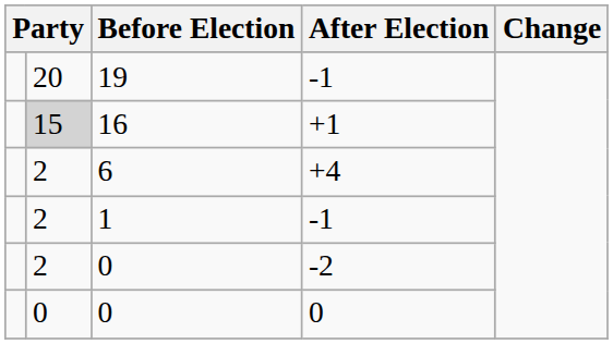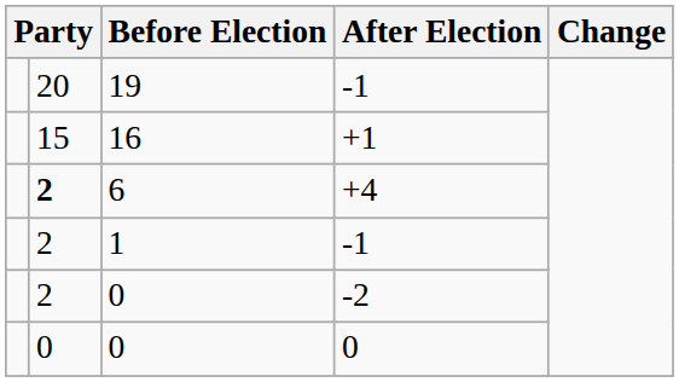 <table class="wikitable">
 <tr>
 <th colspan=2>Party</th>
 <th>Before Election</th>
 <th>After Election</th>
 <th>Change</th>
 </tr>
 <tr>
 <td></td>
 <td>20</td>
 <td>19</td>
 <td>-1</td>
 </tr>
 <tr>
 <td></td>
-<td style="background: lightgrey;">15</td>
+<td>15</td>
 <td>16</td>
 <td>+1</td>
 </tr>
 <tr>
 <td></td>
-<td>2</td>
+<td><strong>2</strong></td>
 <td>6</td>
 <td>+4</td>
 </tr>
 <tr>
 <td></td>
 <td>2</td>
 <td>1</td>
 <td>-1</td>
 </tr>
 <tr>
 <td></td>
 <td>2</td>
 <td>0</td>
 <td>-2</td>
 </tr>
 <tr>
 <td></td>
 <td>0</td>
 <td>0</td>
 <td>0</td>
 </tr>
 </table>
